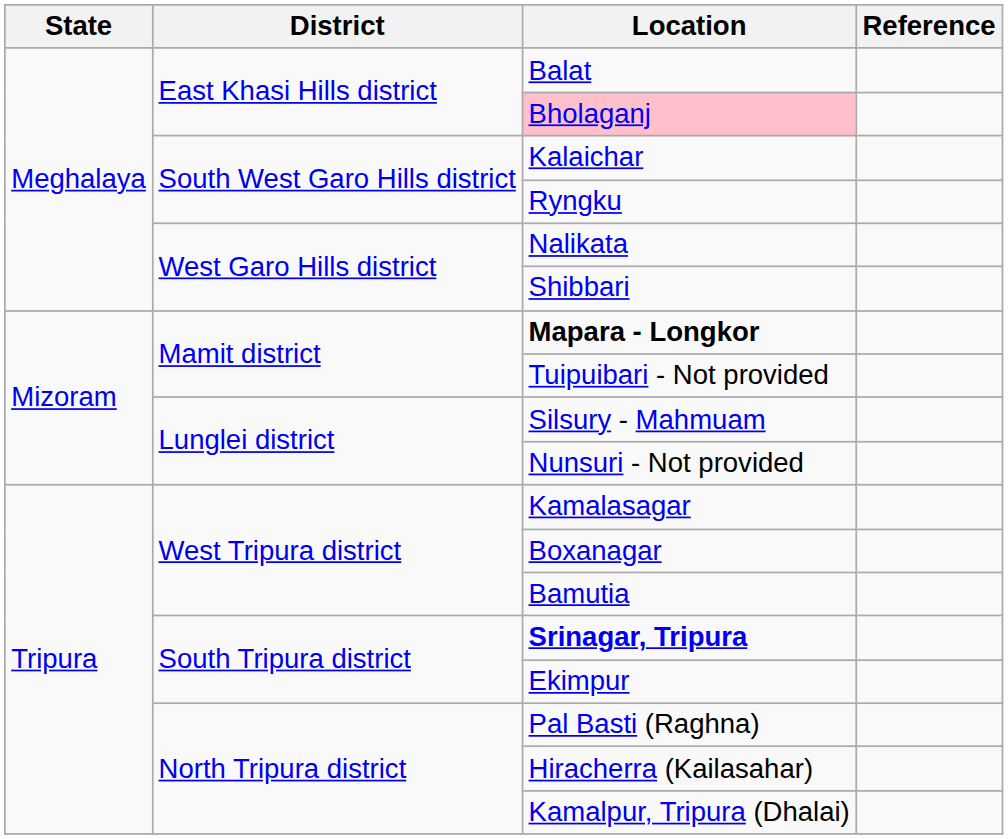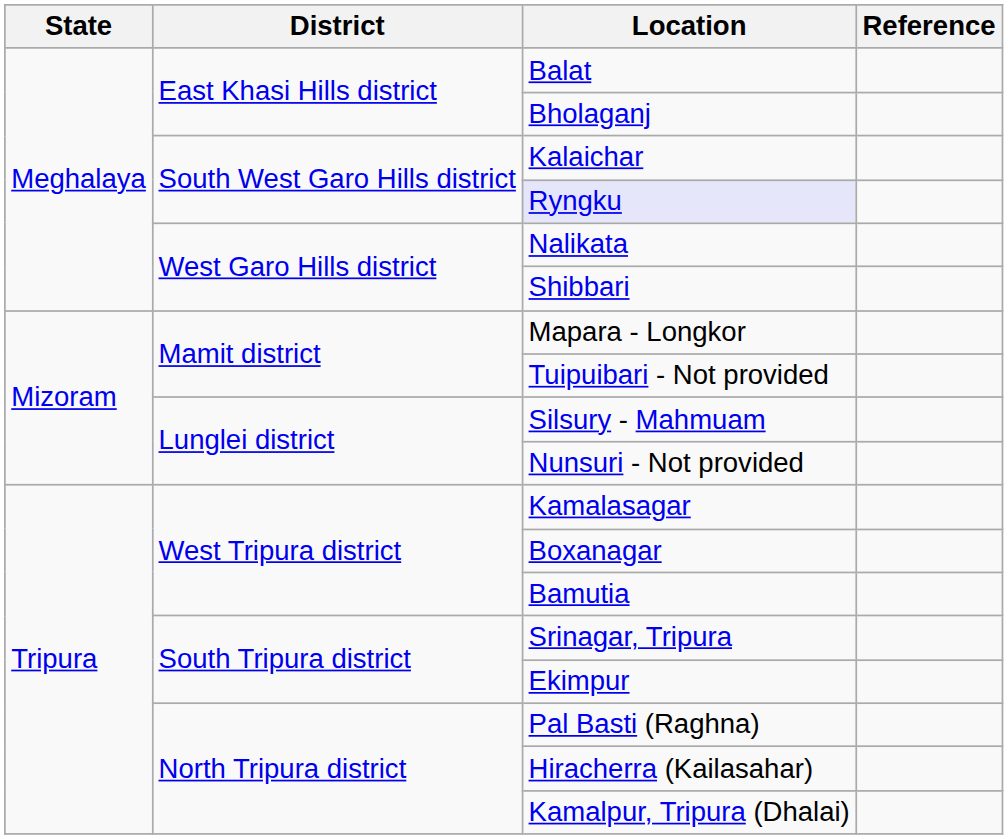 <table class="wikitable">
 <tr>
 <th>State</th>
 <th>District</th>
 <th>Location</th>
 <th>Reference</th>
 </tr>
 <tr>
 <td rowspan="6"><a href='#'>Meghalaya</a></td>
 <td rowspan="2"><a href='#'>East Khasi Hills district</a></td>
 <td><a href='#'>Balat</a></td>
 <td></td>
 </tr>
 <tr>
-<td style="background: pink;"><a href='#'>Bholaganj</a></td>
+<td><a href='#'>Bholaganj</a></td>
 <td></td>
 </tr>
 <tr>
 <td rowspan="2"><a href='#'>South West Garo Hills district</a></td>
 <td><a href='#'>Kalaichar</a></td>
 <td></td>
 </tr>
 <tr>
-<td><a href='#'>Ryngku</a></td>
+<td style="background: lavender;"><a href='#'>Ryngku</a></td>
 <td></td>
 </tr>
 <tr>
 <td rowspan="2"><a href='#'>West Garo Hills district</a></td>
 <td><a href='#'>Nalikata</a></td>
 <td></td>
 </tr>
 <tr>
 <td><a href='#'>Shibbari</a></td>
 <td></td>
 </tr>
 <tr>
 <td rowspan="4"><a href='#'>Mizoram</a></td>
 <td rowspan="2"><a href='#'>Mamit district</a></td>
-<td><strong>Mapara - Longkor</strong></td>
+<td>Mapara - Longkor</td>
 <td></td>
 </tr>
 <tr>
 <td><a href='#'>Tuipuibari</a> - Not provided</td>
 <td></td>
 </tr>
 <tr>
 <td rowspan="2"><a href='#'>Lunglei district</a></td>
 <td><a href='#'>Silsury</a> - <a href='#'>Mahmuam</a></td>
 <td></td>
 </tr>
 <tr>
 <td><a href='#'>Nunsuri</a> - Not provided</td>
 <td></td>
 </tr>
 <tr>
 <td rowspan="8"><a href='#'>Tripura</a></td>
 <td rowspan="3"><a href='#'>West Tripura district</a></td>
 <td><a href='#'>Kamalasagar</a></td>
 <td></td>
 </tr>
 <tr>
 <td><a href='#'>Boxanagar</a></td>
 <td></td>
 </tr>
 <tr>
 <td><a href='#'>Bamutia</a></td>
 <td></td>
 </tr>
 <tr>
 <td rowspan="2"><a href='#'>South Tripura district</a></td>
-<td><strong><a href='#'>Srinagar, Tripura</a></strong></td>
+<td><a href='#'>Srinagar, Tripura</a></td>
 <td></td>
 </tr>
 <tr>
 <td><a href='#'>Ekimpur</a></td>
 <td></td>
 </tr>
 <tr>
 <td rowspan="3"><a href='#'>North Tripura district</a></td>
 <td><a href='#'>Pal Basti</a> (Raghna)</td>
 <td></td>
 </tr>
 <tr>
 <td><a href='#'>Hiracherra</a> (Kailasahar)</td>
 <td></td>
 </tr>
 <tr>
 <td><a href='#'>Kamalpur, Tripura</a> (Dhalai)</td>
 <td></td>
 </tr>
 </table>
